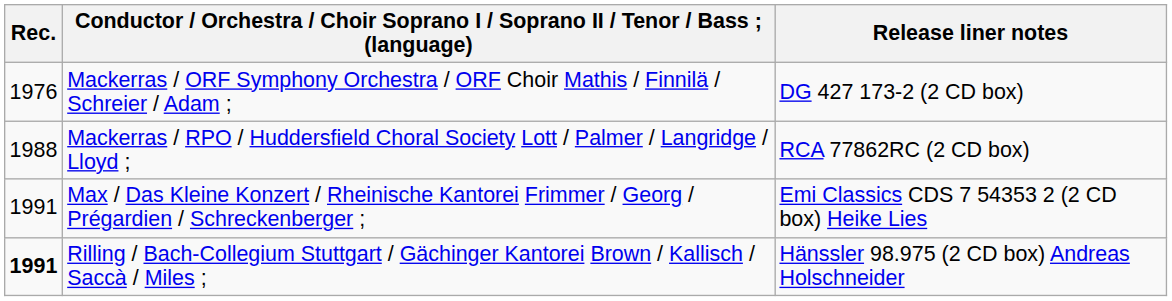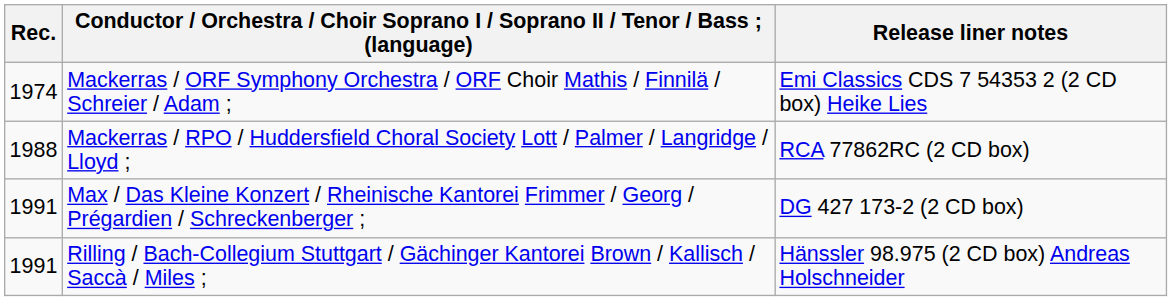 <table class="wikitable">
 <tr>
 <th>Rec.</th>
 <th>Conductor / Orchestra / Choir  Soprano I / Soprano II / Tenor / Bass ; (language)</th>
 <th>Release  liner notes</th>
 </tr>
 <tr id="Mackerras 1974">
-<td>1976</td>
+<td>1974</td>
 <td><a href='#'>Mackerras</a> / <a href='#'>ORF Symphony Orchestra</a> / <a href='#'>ORF</a> Choir  <a href='#'>Mathis</a> / <a href='#'>Finnilä</a> / <a href='#'>Schreier</a> / <a href='#'>Adam</a> ; </td>
-<td><a href='#'>DG</a> 427 173-2 (2 CD box)   </td>
+<td><a href='#'>Emi Classics</a> CDS 7 54353 2 (2 CD box)  <a href='#'>Heike Lies</a></td>
 </tr>
 <tr id="Mackerras 1988">
 <td>1988</td>
 <td><a href='#'>Mackerras</a> / <a href='#'>RPO</a> / <a href='#'>Huddersfield Choral Society</a>  <a href='#'>Lott</a> / <a href='#'>Palmer</a> / <a href='#'>Langridge</a> / <a href='#'>Lloyd</a> ; </td>
 <td><a href='#'>RCA</a> 77862RC (2 CD box)   </td>
 </tr>
 <tr id="Max 1991">
 <td>1991</td>
 <td><a href='#'>Max</a> / <a href='#'>Das Kleine Konzert</a> / <a href='#'>Rheinische Kantorei</a>  <a href='#'>Frimmer</a> / <a href='#'>Georg</a> / <a href='#'>Prégardien</a> / <a href='#'>Schreckenberger</a> ; </td>
-<td><a href='#'>Emi Classics</a> CDS 7 54353 2 (2 CD box)  <a href='#'>Heike Lies</a></td>
+<td><a href='#'>DG</a> 427 173-2 (2 CD box)   </td>
 </tr>
 <tr id="Rilling 1991">
-<td><strong>1991</strong></td>
+<td>1991</td>
 <td><a href='#'>Rilling</a> / <a href='#'>Bach-Collegium Stuttgart</a> / <a href='#'>Gächinger Kantorei</a>  <a href='#'>Brown</a> / <a href='#'>Kallisch</a> / <a href='#'>Saccà</a> / <a href='#'>Miles</a> ; </td>
 <td><a href='#'>Hänssler</a> 98.975 (2 CD box)  <a href='#'>Andreas Holschneider</a></td>
 </tr>
 </table>
